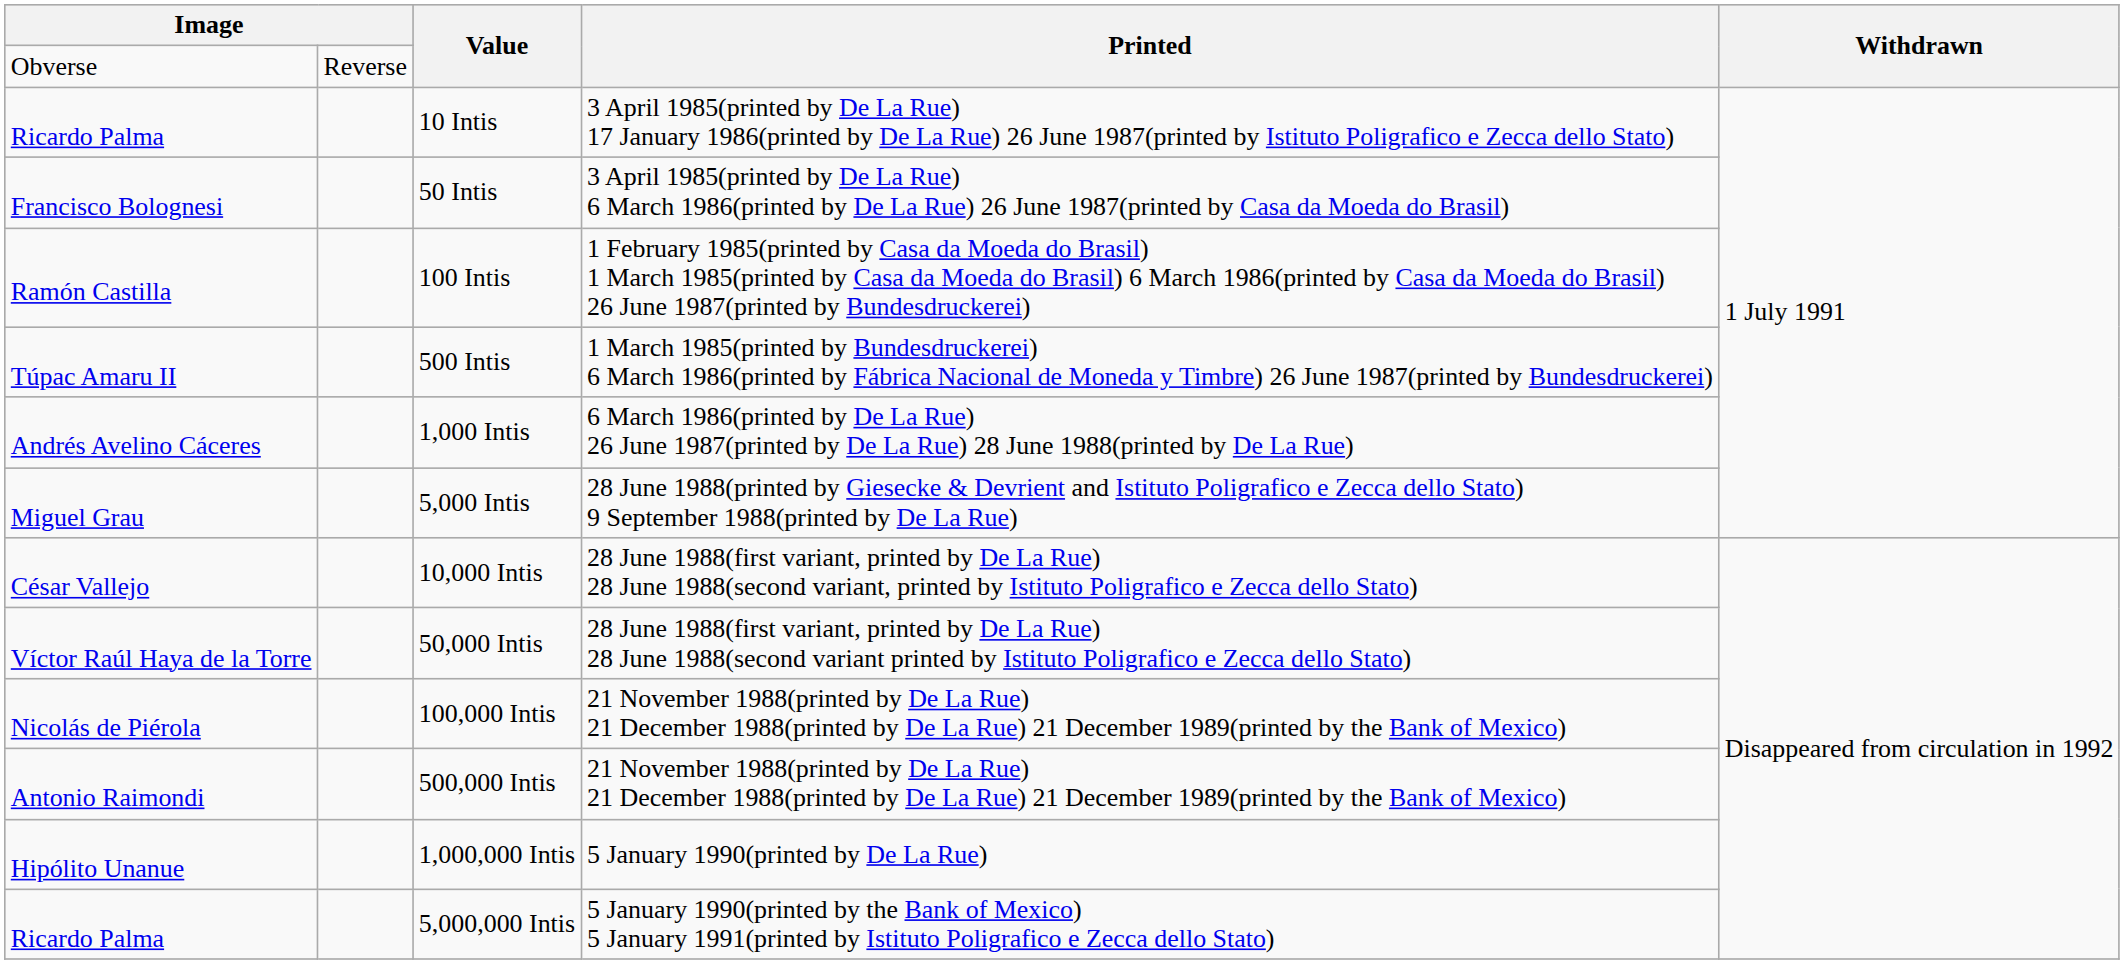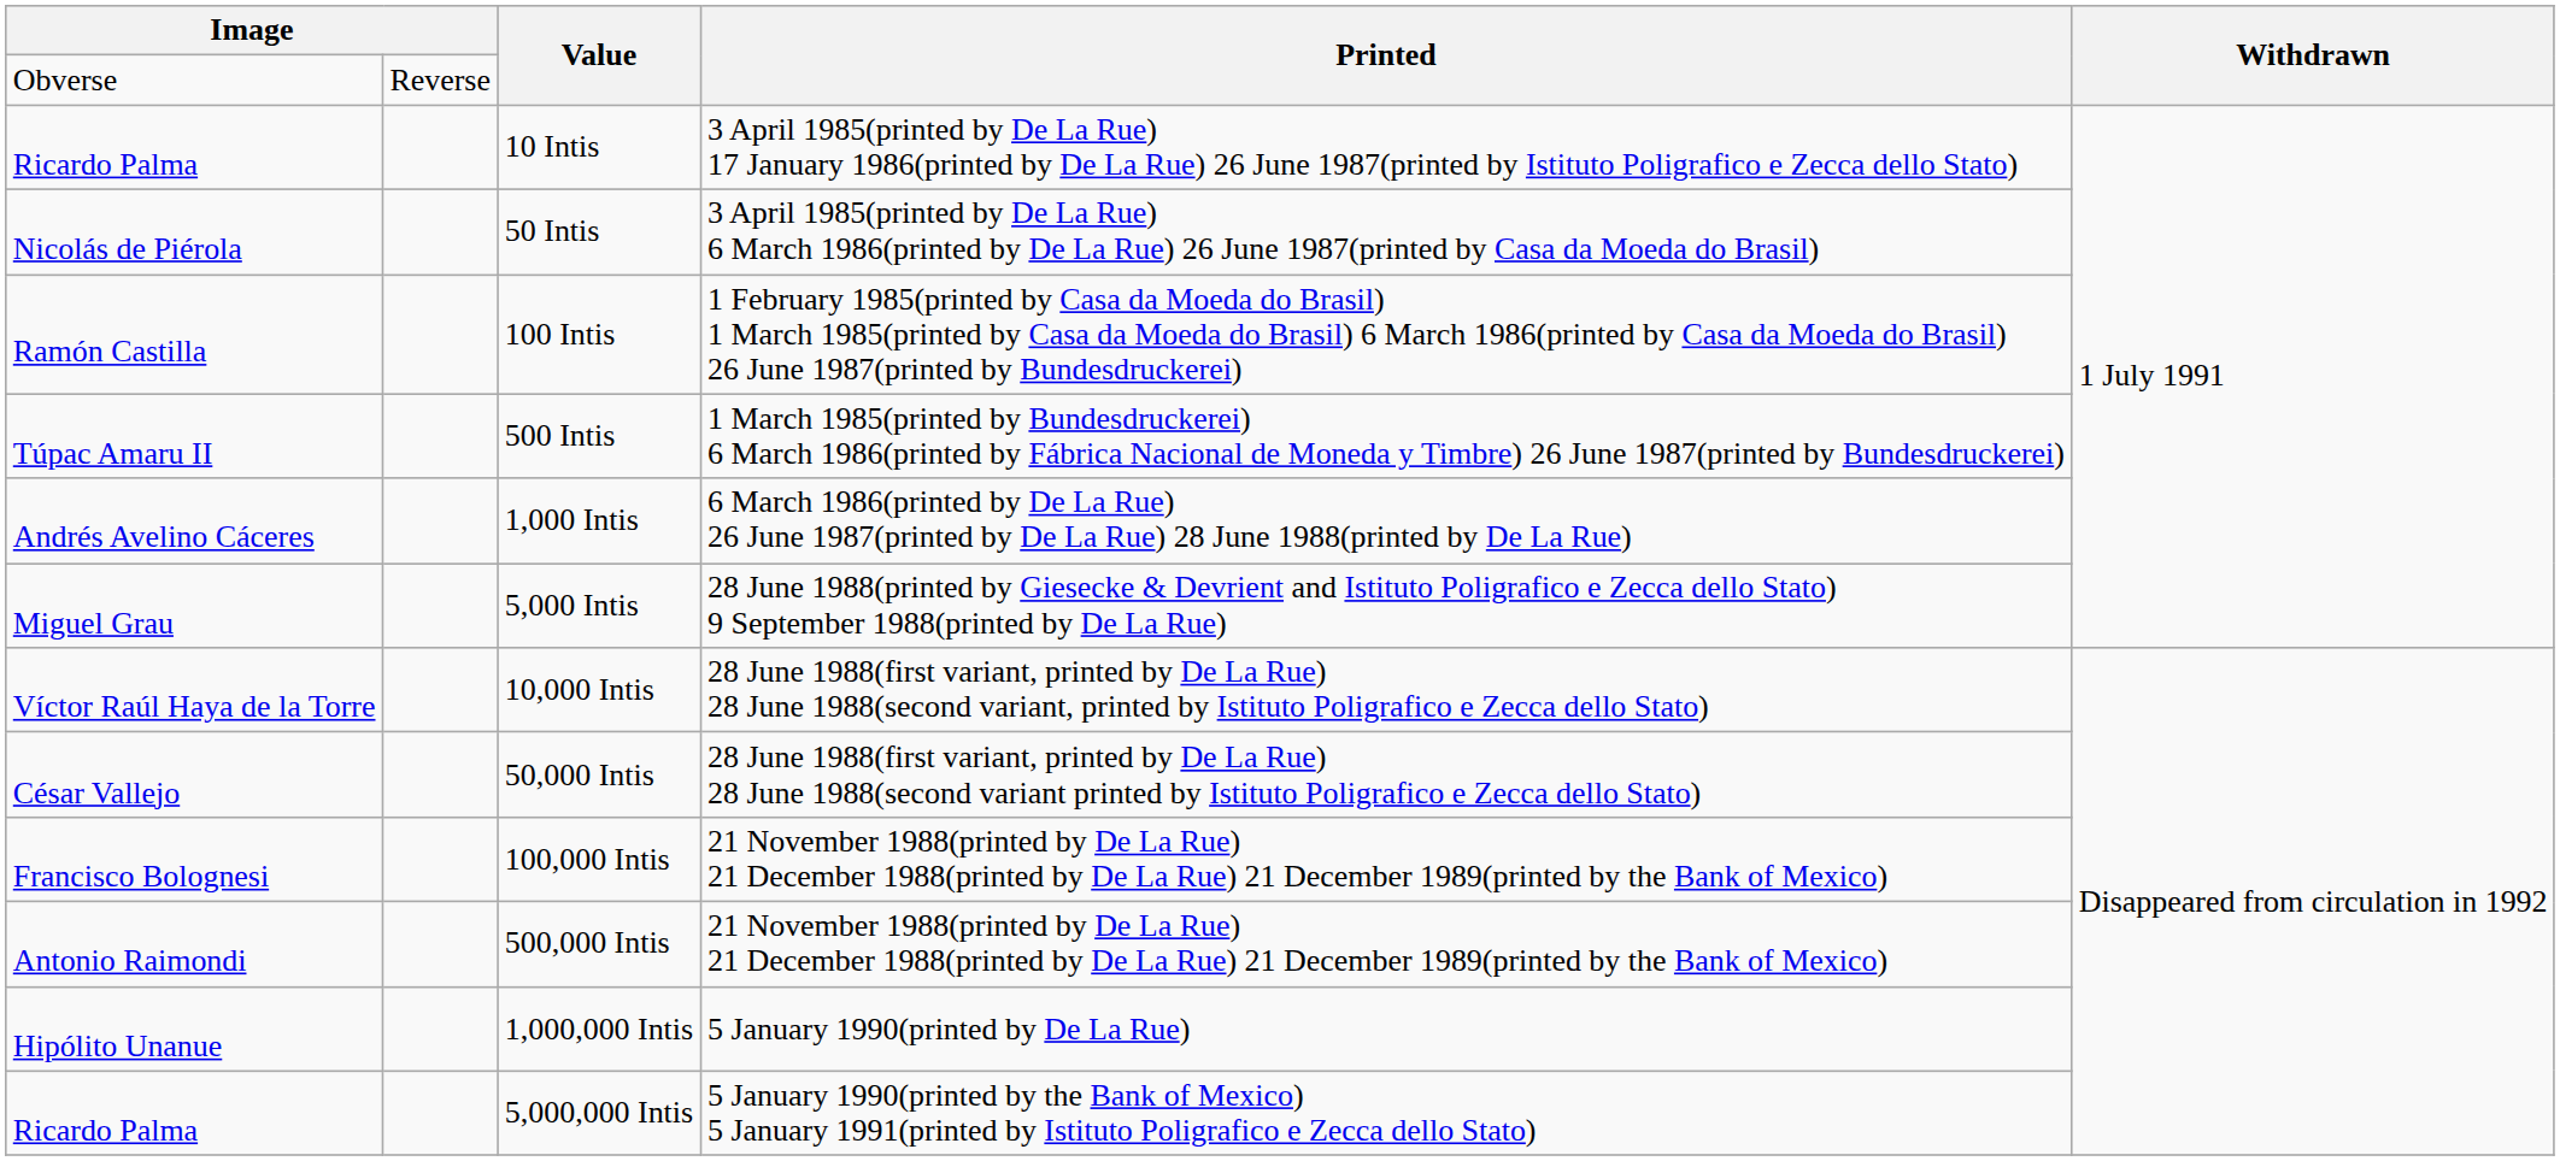 <table class="wikitable">
 <tr>
 <th colspan="2">Image</th>
 <th rowspan="2">Value</th>
 <th rowspan="2">Printed</th>
 <th rowspan="2">Withdrawn</th>
 </tr>
 <tr>
 <td>Obverse</td>
 <td>Reverse</td>
 </tr>
 <tr>
 <td><br><a href='#'>Ricardo Palma</a></td>
 <td></td>
 <td>10 Intis</td>
 <td>3 April 1985(printed by <a href='#'>De La Rue</a>)<br>17 January 1986(printed by <a href='#'>De La Rue</a>) 26 June 1987(printed by <a href='#'>Istituto Poligrafico e Zecca dello Stato</a>)</td>
 <td rowspan="6">1 July 1991</td>
 </tr>
 <tr>
-<td><br><a href='#'>Francisco Bolognesi</a></td>
+<td><br><a href='#'>Nicolás de Piérola</a></td>
 <td></td>
 <td>50 Intis</td>
 <td>3 April 1985(printed by <a href='#'>De La Rue</a>)<br>6 March 1986(printed by <a href='#'>De La Rue</a>) 26 June 1987(printed by <a href='#'>Casa da Moeda do Brasil</a>)</td>
 </tr>
 <tr>
 <td><br><a href='#'>Ramón Castilla</a></td>
 <td></td>
 <td>100 Intis</td>
 <td>1 February 1985(printed by <a href='#'>Casa da Moeda do Brasil</a>)<br>1 March 1985(printed by <a href='#'>Casa da Moeda do Brasil</a>) 6 March 1986(printed by <a href='#'>Casa da Moeda do Brasil</a>)<br>26 June 1987(printed by <a href='#'>Bundesdruckerei</a>)</td>
 </tr>
 <tr>
 <td><br><a href='#'>Túpac Amaru II</a></td>
 <td></td>
 <td>500 Intis</td>
 <td>1 March 1985(printed by <a href='#'>Bundesdruckerei</a>)<br>6 March 1986(printed by <a href='#'>Fábrica Nacional de Moneda y Timbre</a>) 26 June 1987(printed by <a href='#'>Bundesdruckerei</a>)</td>
 </tr>
 <tr>
 <td><br><a href='#'>Andrés Avelino Cáceres</a></td>
 <td></td>
 <td>1,000 Intis</td>
 <td>6 March 1986(printed by <a href='#'>De La Rue</a>)<br>26 June 1987(printed by <a href='#'>De La Rue</a>) 28 June 1988(printed by <a href='#'>De La Rue</a>)</td>
 </tr>
 <tr>
 <td><br><a href='#'>Miguel Grau</a></td>
 <td></td>
 <td>5,000 Intis</td>
 <td>28 June 1988(printed by <a href='#'>Giesecke & Devrient</a> and <a href='#'>Istituto Poligrafico e Zecca dello Stato</a>)<br>9 September 1988(printed by <a href='#'>De La Rue</a>)</td>
 </tr>
 <tr>
-<td><br><a href='#'>César Vallejo</a></td>
+<td><br><a href='#'>Víctor Raúl Haya de la Torre</a></td>
 <td></td>
 <td>10,000 Intis</td>
 <td>28 June 1988(first variant, printed by <a href='#'>De La Rue</a>)<br>28 June 1988(second variant, printed by <a href='#'>Istituto Poligrafico e Zecca dello Stato</a>)</td>
 <td rowspan="6">Disappeared  from circulation in 1992</td>
 </tr>
 <tr>
-<td><br><a href='#'>Víctor Raúl Haya de la Torre</a></td>
+<td><br><a href='#'>César Vallejo</a></td>
 <td></td>
 <td>50,000 Intis</td>
 <td>28 June 1988(first variant, printed by <a href='#'>De La Rue</a>)<br>28 June 1988(second variant printed by <a href='#'>Istituto Poligrafico e Zecca dello Stato</a>)</td>
 </tr>
 <tr>
-<td><br><a href='#'>Nicolás de Piérola</a></td>
+<td><br><a href='#'>Francisco Bolognesi</a></td>
 <td></td>
 <td>100,000 Intis</td>
 <td>21 November 1988(printed by <a href='#'>De La Rue</a>)<br>21 December 1988(printed by <a href='#'>De La Rue</a>) 21 December 1989(printed by the <a href='#'>Bank of Mexico</a>)</td>
 </tr>
 <tr>
 <td><br><a href='#'>Antonio Raimondi</a></td>
 <td></td>
 <td>500,000 Intis</td>
 <td>21 November 1988(printed by <a href='#'>De La Rue</a>)<br>21 December 1988(printed by <a href='#'>De La Rue</a>) 21 December 1989(printed by the <a href='#'>Bank of Mexico</a>)</td>
 </tr>
 <tr>
 <td><br><a href='#'>Hipólito Unanue</a></td>
 <td></td>
 <td>1,000,000 Intis</td>
 <td>5 January 1990(printed by <a href='#'>De La Rue</a>)</td>
 </tr>
 <tr>
 <td><br><a href='#'>Ricardo Palma</a></td>
 <td></td>
 <td>5,000,000 Intis</td>
 <td>5 January 1990(printed by the <a href='#'>Bank of Mexico</a>)<br>5 January 1991(printed by <a href='#'>Istituto Poligrafico e Zecca dello Stato</a>)</td>
 </tr>
 </table>
